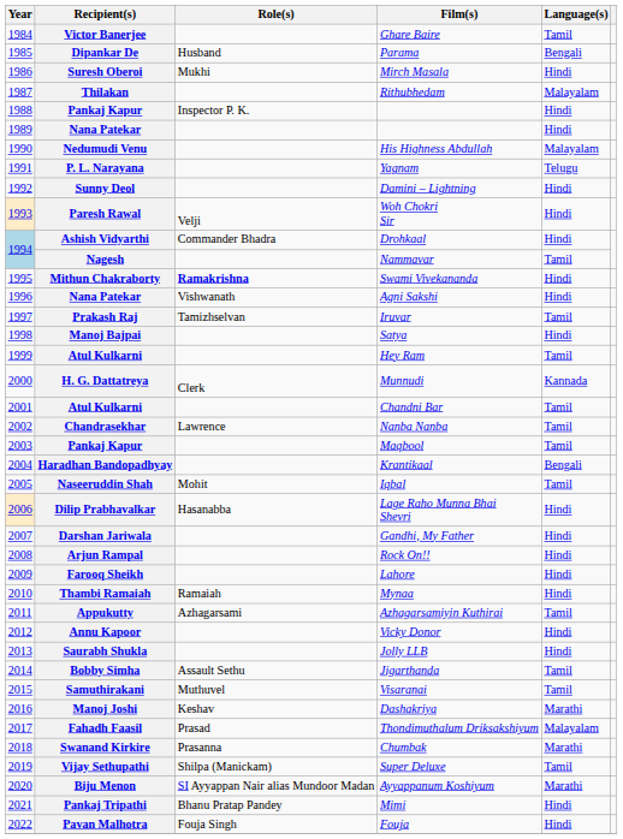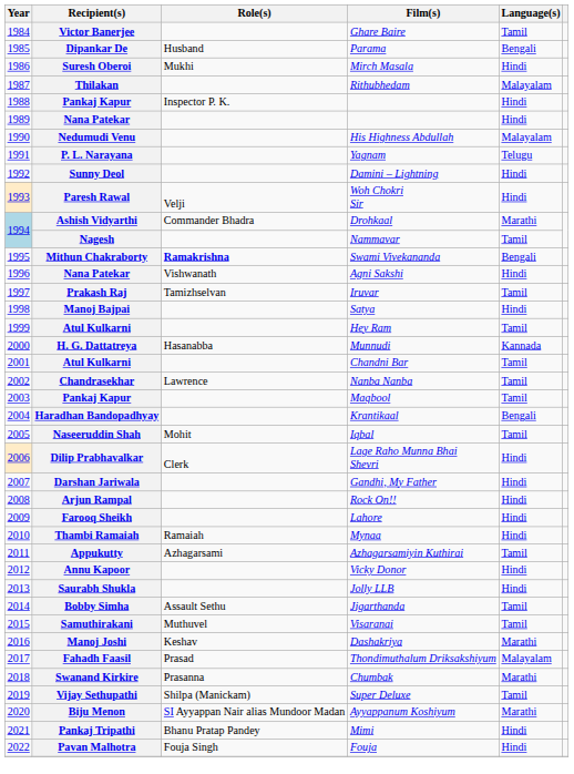 <table class="wikitable plainrowheaders sortable">
 <tr>
 <th scope="col">Year</th>
 <th scope="col">Recipient(s)</th>
 <th scope="col">Role(s)</th>
 <th scope="col">Film(s)</th>
 <th scope="col">Language(s)</th>
 <th scope="col" class="unsortable" style="text-align:center;"></th>
 </tr>
 <tr>
 <td style="text-align:center;"><a href='#'>1984<br></a></td>
 <th scope="row"><a href='#'>Victor Banerjee</a></th>
 <td></td>
 <td><em><a href='#'>Ghare Baire</a></em></td>
 <td><a href='#'>Tamil</a></td>
 <td style="text-align:center;"></td>
 </tr>
 <tr>
 <td style="text-align:center;"><a href='#'>1985<br></a></td>
 <th scope="row"><a href='#'>Dipankar De</a></th>
 <td>Husband</td>
 <td><em><a href='#'>Parama</a></em></td>
 <td><a href='#'>Bengali</a></td>
 <td style="text-align:center;"></td>
 </tr>
 <tr>
 <td style="text-align:center;"><a href='#'>1986<br></a></td>
 <th scope="row"><a href='#'>Suresh Oberoi</a></th>
 <td>Mukhi</td>
 <td><em><a href='#'>Mirch Masala</a></em></td>
 <td><a href='#'>Hindi</a></td>
 <td style="text-align:center;"></td>
 </tr>
 <tr>
 <td style="text-align:center;"><a href='#'>1987<br></a></td>
 <th scope="row"><a href='#'>Thilakan</a></th>
 <td></td>
 <td><em><a href='#'>Rithubhedam</a></em></td>
 <td><a href='#'>Malayalam</a></td>
 <td style="text-align:center;"></td>
 </tr>
 <tr>
 <td style="text-align:center;"><a href='#'>1988<br></a></td>
 <th scope="row"><a href='#'>Pankaj Kapur</a></th>
 <td>Inspector P. K.</td>
 <td></td>
 <td><a href='#'>Hindi</a></td>
 <td style="text-align:center;"></td>
 </tr>
 <tr>
 <td style="text-align:center;"><a href='#'>1989<br></a></td>
 <th scope="row"><a href='#'>Nana Patekar</a></th>
 <td></td>
 <td></td>
 <td><a href='#'>Hindi</a></td>
 <td style="text-align:center;"></td>
 </tr>
 <tr>
 <td style="text-align:center;"><a href='#'>1990<br></a></td>
 <th scope="row"><a href='#'>Nedumudi Venu</a></th>
 <td></td>
 <td><em><a href='#'>His Highness Abdullah</a></em></td>
 <td><a href='#'>Malayalam</a></td>
 <td style="text-align:center;"></td>
 </tr>
 <tr>
 <td style="text-align:center;"><a href='#'>1991<br></a></td>
 <th scope="row"><a href='#'>P. L. Narayana</a></th>
 <td></td>
 <td><em><a href='#'>Yagnam</a></em></td>
 <td><a href='#'>Telugu</a></td>
 <td style="text-align:center;"></td>
 </tr>
 <tr>
 <td style="text-align:center;"><a href='#'>1992<br></a></td>
 <th scope="row"><a href='#'>Sunny Deol</a></th>
 <td></td>
 <td><em><a href='#'>Damini – Lightning</a></em></td>
 <td><a href='#'>Hindi</a></td>
 <td style="text-align:center;"></td>
 </tr>
 <tr>
 <td style="background:#ffecc8; text-align:center;"><a href='#'>1993<br></a> </td>
 <th scope="row"><a href='#'>Paresh Rawal</a></th>
 <td> <br> Velji</td>
 <td><em><a href='#'>Woh Chokri</a></em><br><em><a href='#'>Sir</a></em></td>
 <td><a href='#'>Hindi</a></td>
 <td style="text-align:center;"></td>
 </tr>
 <tr>
 <td style="background:#ADD8E6" rowspan="2"><a href='#'>1994<br></a> </td>
 <th scope="row"><a href='#'>Ashish Vidyarthi</a></th>
 <td>Commander Bhadra</td>
 <td><em><a href='#'>Drohkaal</a></em></td>
-<td><a href='#'>Hindi</a></td>
+<td><a href='#'>Marathi</a></td>
 <td style="text-align:center;" rowspan=2></td>
 </tr>
 <tr>
 <th scope="row"><a href='#'>Nagesh</a></th>
 <td></td>
 <td><em><a href='#'>Nammavar</a></em></td>
 <td><a href='#'>Tamil</a></td>
 </tr>
 <tr>
 <td style="text-align:center;"><a href='#'>1995<br></a></td>
 <th scope="row"><a href='#'>Mithun Chakraborty</a></th>
 <td><strong><a href='#'>Ramakrishna</a></strong></td>
 <td><em><a href='#'>Swami Vivekananda</a></em></td>
-<td><a href='#'>Hindi</a></td>
+<td><a href='#'>Bengali</a></td>
 <td style="text-align:center;"></td>
 </tr>
 <tr>
 <td style="text-align:center;"><a href='#'>1996<br></a></td>
 <th scope="row"><a href='#'>Nana Patekar</a></th>
 <td>Vishwanath</td>
 <td><em><a href='#'>Agni Sakshi</a></em></td>
 <td><a href='#'>Hindi</a></td>
 <td style="text-align:center;"></td>
 </tr>
 <tr>
 <td style="text-align:center;"><a href='#'>1997<br></a></td>
 <th scope="row"><a href='#'>Prakash Raj</a></th>
 <td>Tamizhselvan</td>
 <td><em><a href='#'>Iruvar</a></em></td>
 <td><a href='#'>Tamil</a></td>
 <td style="text-align:center;"></td>
 </tr>
 <tr>
 <td style="text-align:center;"><a href='#'>1998<br></a></td>
 <th scope="row"><a href='#'>Manoj Bajpai</a></th>
 <td></td>
 <td><em><a href='#'>Satya</a></em></td>
 <td><a href='#'>Hindi</a></td>
 <td style="text-align:center;"></td>
 </tr>
 <tr>
 <td style="text-align:center;"><a href='#'>1999<br></a></td>
 <th scope="row"><a href='#'>Atul Kulkarni</a></th>
 <td></td>
 <td><em><a href='#'>Hey Ram</a></em></td>
 <td><a href='#'>Tamil</a></td>
 <td style="text-align:center;"></td>
 </tr>
 <tr>
 <td style="text-align:center;"><a href='#'>2000<br></a></td>
 <th scope="row"><a href='#'>H. G. Dattatreya</a></th>
-<td>  <br>  Clerk</td>
+<td>Hasanabba</td>
 <td><em><a href='#'>Munnudi</a></em></td>
 <td><a href='#'>Kannada</a></td>
 <td style="text-align:center;"></td>
 </tr>
 <tr>
 <td style="text-align:center;"><a href='#'>2001<br></a></td>
 <th scope="row"><a href='#'>Atul Kulkarni</a></th>
 <td></td>
 <td><em><a href='#'>Chandni Bar</a></em></td>
 <td><a href='#'>Tamil</a></td>
 <td style="text-align:center;"></td>
 </tr>
 <tr>
 <td style="text-align:center;"><a href='#'>2002<br></a></td>
 <th scope="row"><a href='#'>Chandrasekhar</a></th>
 <td>Lawrence </td>
 <td><em><a href='#'>Nanba Nanba</a></em></td>
 <td><a href='#'>Tamil</a></td>
 <td style="text-align:center;"></td>
 </tr>
 <tr>
 <td style="text-align:center;"><a href='#'>2003<br></a></td>
 <th scope="row"><a href='#'>Pankaj Kapur</a></th>
 <td></td>
 <td><em><a href='#'>Maqbool</a></em></td>
 <td><a href='#'>Tamil</a></td>
 <td style="text-align:center;"></td>
 </tr>
 <tr>
 <td style="text-align:center;"><a href='#'>2004<br></a></td>
 <th scope="row"><a href='#'>Haradhan Bandopadhyay</a></th>
 <td></td>
 <td><em><a href='#'>Krantikaal</a></em></td>
 <td><a href='#'>Bengali</a></td>
 <td style="text-align:center;"></td>
 </tr>
 <tr>
 <td style="text-align:center;"><a href='#'>2005<br></a></td>
 <th scope="row"><a href='#'>Naseeruddin Shah</a></th>
 <td>Mohit</td>
 <td><em><a href='#'>Iqbal</a></em></td>
 <td><a href='#'>Tamil</a></td>
 <td style="text-align:center;"></td>
 </tr>
 <tr>
 <td style="background:#ffecc8; text-align:center;"><a href='#'>2006<br></a> </td>
 <th scope="row"><a href='#'>Dilip Prabhavalkar</a></th>
-<td>Hasanabba</td>
+<td>  <br>  Clerk</td>
 <td> <em><a href='#'>Lage Raho Munna Bhai</a></em><br>  <em><a href='#'>Shevri</a></em></td>
 <td><a href='#'>Hindi</a></td>
 <td style="text-align:center;"></td>
 </tr>
 <tr>
 <td style="text-align:center;"><a href='#'>2007<br></a></td>
 <th scope="row"><a href='#'>Darshan Jariwala</a></th>
 <td></td>
 <td><em><a href='#'>Gandhi, My Father</a></em></td>
 <td><a href='#'>Hindi</a></td>
 <td style="text-align:center;"></td>
 </tr>
 <tr>
 <td style="text-align:center;"><a href='#'>2008<br></a></td>
 <th scope="row"><a href='#'>Arjun Rampal</a></th>
 <td></td>
 <td><em><a href='#'>Rock On!!</a></em></td>
 <td><a href='#'>Hindi</a></td>
 <td style="text-align:center;"></td>
 </tr>
 <tr>
 <td style="text-align:center;"><a href='#'>2009<br></a></td>
 <th scope="row"><a href='#'>Farooq Sheikh</a></th>
 <td></td>
 <td><em><a href='#'>Lahore</a></em></td>
 <td><a href='#'>Hindi</a></td>
 <td style="text-align:center;"></td>
 </tr>
 <tr>
 <td style="text-align:center;"><a href='#'>2010<br></a></td>
 <th scope="row"><a href='#'>Thambi Ramaiah</a></th>
 <td>Ramaiah</td>
 <td><em><a href='#'>Mynaa</a></em></td>
 <td><a href='#'>Hindi</a></td>
 <td style="text-align:center;"></td>
 </tr>
 <tr>
 <td style="text-align:center;"><a href='#'>2011<br></a></td>
 <th scope="row"><a href='#'>Appukutty</a></th>
 <td>Azhagarsami</td>
 <td><em><a href='#'>Azhagarsamiyin Kuthirai</a></em></td>
 <td><a href='#'>Tamil</a></td>
 <td style="text-align:center;"></td>
 </tr>
 <tr>
 <td style="text-align:center;"><a href='#'>2012<br></a></td>
 <th scope="row"><a href='#'>Annu Kapoor</a></th>
 <td></td>
 <td><em><a href='#'>Vicky Donor</a></em></td>
 <td><a href='#'>Hindi</a></td>
 <td style="text-align:center;"></td>
 </tr>
 <tr>
 <td style="text-align:center;"><a href='#'>2013<br></a></td>
 <th scope="row"><a href='#'>Saurabh Shukla</a></th>
 <td></td>
 <td><em><a href='#'>Jolly LLB</a></em></td>
 <td><a href='#'>Hindi</a></td>
 <td style="text-align:center;"></td>
 </tr>
 <tr>
 <td style="text-align:center;"><a href='#'>2014<br></a></td>
 <th scope="row"><a href='#'>Bobby Simha</a></th>
 <td>Assault Sethu</td>
 <td><em><a href='#'>Jigarthanda</a></em></td>
 <td><a href='#'>Tamil</a></td>
 <td align="center"></td>
 </tr>
 <tr>
 <td style="text-align:center;"><a href='#'>2015<br></a></td>
 <th scope="row"><a href='#'>Samuthirakani</a></th>
 <td>Muthuvel</td>
 <td><em><a href='#'>Visaranai</a></em></td>
 <td><a href='#'>Tamil</a></td>
 <td align="center"></td>
 </tr>
 <tr>
 <td style="text-align:center;"><a href='#'>2016<br></a></td>
 <th scope="row"><a href='#'>Manoj Joshi</a></th>
 <td>Keshav</td>
 <td><em><a href='#'>Dashakriya</a></em></td>
 <td><a href='#'>Marathi</a></td>
 <td align="center"></td>
 </tr>
 <tr>
 <td style="text-align:center;"><a href='#'>2017<br></a></td>
 <th scope="row"><a href='#'>Fahadh Faasil</a></th>
 <td>Prasad</td>
 <td><em><a href='#'>Thondimuthalum Driksakshiyum</a></em></td>
 <td><a href='#'>Malayalam</a></td>
 <td align="center"></td>
 </tr>
 <tr>
 <td style="text-align:center;"><a href='#'>2018<br></a></td>
 <th scope="row"><a href='#'>Swanand Kirkire</a></th>
 <td>Prasanna</td>
 <td><em><a href='#'>Chumbak</a></em></td>
 <td><a href='#'>Marathi</a></td>
 <td align="center"></td>
 </tr>
 <tr>
 <td style="text-align:center;"><a href='#'>2019<br></a></td>
 <th scope="row"><a href='#'>Vijay Sethupathi</a></th>
 <td>Shilpa (Manickam)</td>
 <td><em><a href='#'>Super Deluxe</a></em></td>
 <td><a href='#'>Tamil</a></td>
 <td align="center"></td>
 </tr>
 <tr>
 <td style="text-align:center;"><a href='#'>2020<br></a></td>
 <th scope="row"><a href='#'>Biju Menon</a></th>
 <td><a href='#'>SI</a> Ayyappan Nair alias Mundoor Madan</td>
 <td><em><a href='#'>Ayyappanum Koshiyum</a></em></td>
 <td><a href='#'>Marathi</a></td>
 <td></td>
 </tr>
 <tr>
 <td style="text-align:center;"><a href='#'>2021<br></a></td>
 <th scope="row"><a href='#'>Pankaj Tripathi</a></th>
 <td>Bhanu Pratap Pandey</td>
 <td><em><a href='#'>Mimi</a></em></td>
 <td><a href='#'>Hindi</a></td>
 <td align="center"></td>
 </tr>
 <tr>
 <td style="text-align:center;"><a href='#'>2022<br></a></td>
 <th scope="row"><a href='#'>Pavan Malhotra</a></th>
 <td>Fouja Singh</td>
 <td><em><a href='#'>Fouja</a></em></td>
 <td><a href='#'>Hindi</a></td>
 <td></td>
 </tr>
 <tr>
 </tr>
 </table>
